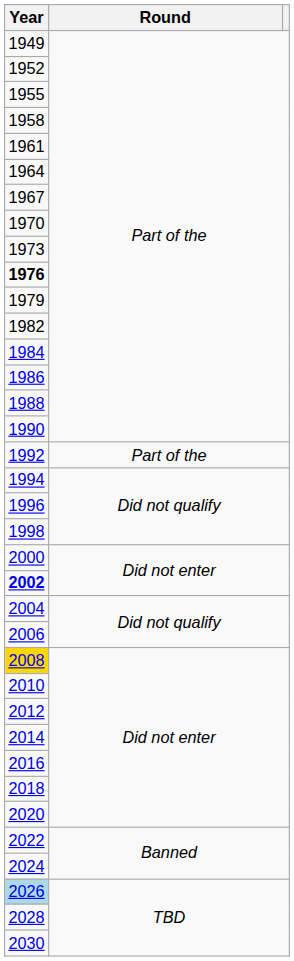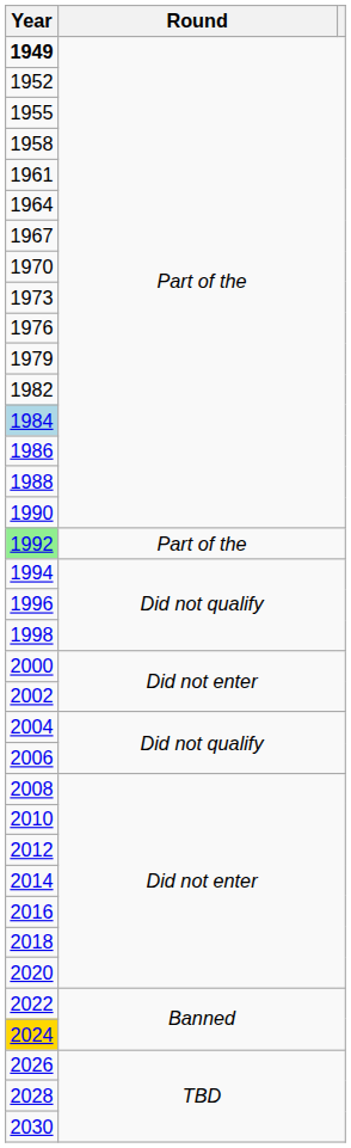 <table class="wikitable" style="text-align: center; font-size:90%">
 <tr>
 <th>Year</th>
 <th style="width:200px">Round</th>
 <th></th>
 </tr>
 <tr>
-<td>1949</td>
+<td><strong>1949</strong></td>
 <td colspan="2" rowspan="16"><em>Part of the </em></td>
 </tr>
 <tr>
 <td>1952</td>
 </tr>
 <tr>
 <td>1955</td>
 </tr>
 <tr>
 <td>1958</td>
 </tr>
 <tr>
 <td>1961</td>
 </tr>
 <tr>
 <td>1964</td>
 </tr>
 <tr>
 <td>1967</td>
 </tr>
 <tr>
 <td>1970</td>
 </tr>
 <tr>
 <td>1973</td>
 </tr>
 <tr>
-<td><strong>1976</strong></td>
+<td>1976</td>
 </tr>
 <tr>
 <td>1979</td>
 </tr>
 <tr>
 <td>1982</td>
 </tr>
 <tr>
-<td><a href='#'>1984</a></td>
+<td style="background: lightblue;"><a href='#'>1984</a></td>
 </tr>
 <tr>
 <td><a href='#'>1986</a></td>
 </tr>
 <tr>
 <td><a href='#'>1988</a></td>
 </tr>
 <tr>
 <td><a href='#'>1990</a></td>
 </tr>
 <tr>
-<td><a href='#'>1992</a></td>
+<td style="background: lightgreen;"><a href='#'>1992</a></td>
 <td colspan="2"><em>Part of the </em></td>
 </tr>
 <tr>
 <td><a href='#'>1994</a></td>
 <td colspan="2" rowspan="3"><em>Did not qualify</em></td>
 </tr>
 <tr>
 <td><a href='#'>1996</a></td>
 </tr>
 <tr>
 <td><a href='#'>1998</a></td>
 </tr>
 <tr>
 <td><a href='#'>2000</a></td>
 <td colspan="2" rowspan="2"><em>Did not enter</em></td>
 </tr>
 <tr>
-<td><strong><a href='#'>2002</a></strong></td>
+<td><a href='#'>2002</a></td>
 </tr>
 <tr>
 <td><a href='#'>2004</a></td>
 <td colspan="2" rowspan="2"><em>Did not qualify</em></td>
 </tr>
 <tr>
 <td><a href='#'>2006</a></td>
 </tr>
 <tr>
-<td style="background: gold;"><a href='#'>2008</a></td>
+<td><a href='#'>2008</a></td>
 <td colspan="2" rowspan="7"><em>Did not enter</em></td>
 </tr>
 <tr>
 <td><a href='#'>2010</a></td>
 </tr>
 <tr>
 <td><a href='#'>2012</a></td>
 </tr>
 <tr>
 <td><a href='#'>2014</a></td>
 </tr>
 <tr>
 <td><a href='#'>2016</a></td>
 </tr>
 <tr>
 <td><a href='#'>2018</a></td>
 </tr>
 <tr>
 <td><a href='#'>2020</a></td>
 </tr>
 <tr>
 <td><a href='#'>2022</a></td>
 <td colspan="2" rowspan="2"><em>Banned</em></td>
 </tr>
 <tr>
-<td><a href='#'>2024</a></td>
+<td style="background: gold;"><a href='#'>2024</a></td>
 </tr>
 <tr>
-<td style="background: lightblue;"><a href='#'>2026</a></td>
+<td><a href='#'>2026</a></td>
 <td colspan="2" rowspan="3"><em>TBD</em></td>
 </tr>
 <tr>
 <td><a href='#'>2028</a></td>
 </tr>
 <tr>
 <td><a href='#'>2030</a></td>
 </tr>
 </table>
